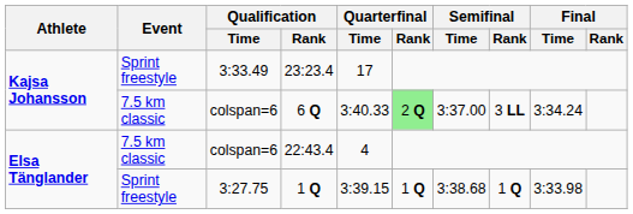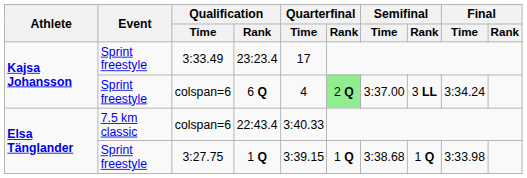 <table class="wikitable" style="font-size:90%">
 <tr>
 <th rowspan="2">Athlete</th>
 <th rowspan="2">Event</th>
 <th colspan="2">Qualification</th>
 <th colspan="2">Quarterfinal</th>
 <th colspan="2">Semifinal</th>
 <th colspan="2">Final</th>
 </tr>
 <tr style="font-size:95%">
 <th>Time</th>
 <th>Rank</th>
 <th>Time</th>
 <th>Rank</th>
 <th>Time</th>
 <th>Rank</th>
 <th>Time</th>
 <th>Rank</th>
 </tr>
 <tr align=center>
 <td align=left rowspan=2><strong><a href='#'>Kajsa Johansson</a></strong></td>
 <td align=left><a href='#'>Sprint freestyle</a></td>
 <td>3:33.49</td>
 <td>23:23.4</td>
 <td>17</td>
 </tr>
 <tr align=center>
-<td align=left><a href='#'>7.5 km classic</a></td>
+<td align=left><a href='#'>Sprint freestyle</a></td>
 <td>colspan=6 </td>
 <td>6 <strong>Q</strong></td>
-<td>3:40.33</td>
+<td>4</td>
 <td style="background: lightgreen;">2 <strong>Q</strong></td>
 <td>3:37.00</td>
 <td>3 <strong>LL</strong></td>
 <td>3:34.24</td>
 <td></td>
 </tr>
 <tr align=center>
 <td align=left rowspan=2><strong><a href='#'>Elsa Tänglander</a></strong></td>
 <td align=left><a href='#'>7.5 km classic</a></td>
 <td>colspan=6 </td>
 <td>22:43.4</td>
-<td>4</td>
+<td>3:40.33</td>
 </tr>
 <tr align=center>
 <td align=left><a href='#'>Sprint freestyle</a></td>
 <td>3:27.75</td>
 <td>1 <strong>Q</strong></td>
 <td>3:39.15</td>
 <td>1 <strong>Q</strong></td>
 <td>3:38.68</td>
 <td>1 <strong>Q</strong></td>
 <td>3:33.98</td>
 <td></td>
 </tr>
 </table>
